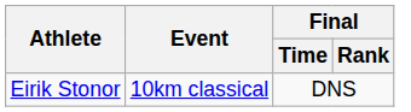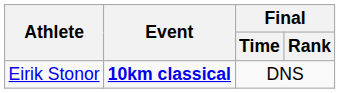 <table class="wikitable">
 <tr>
 <th rowspan="2">Athlete</th>
 <th rowspan="2">Event</th>
 <th colspan="2">Final</th>
 </tr>
 <tr>
 <th>Time</th>
 <th>Rank</th>
 </tr>
 <tr>
 <td rowspan="1"><a href='#'>Eirik Stonor</a></td>
-<td><a href='#'>10km classical</a></td>
+<td><strong><a href='#'>10km classical</a></strong></td>
 <td align="center" colspan=2>DNS</td>
 </tr>
 </table>
